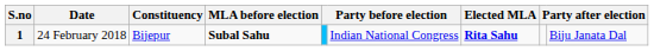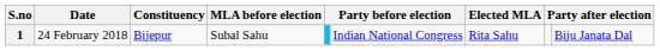 <table class="wikitable sortable">
 <tr>
 <th>S.no</th>
 <th>Date</th>
 <th>Constituency</th>
 <th>MLA before election</th>
 <th colspan="2">Party before election</th>
 <th>Elected MLA</th>
 <th colspan="2">Party after election</th>
 </tr>
 <tr>
 <th>1</th>
 <td>24 February 2018</td>
 <td><a href='#'>Bijepur</a></td>
-<td><strong>Subal Sahu</strong></td>
+<td>Subal Sahu</td>
 <td bgcolor=#00BFFF></td>
 <td><a href='#'>Indian National Congress</a></td>
-<td><strong><a href='#'>Rita Sahu</a></strong></td>
+<td><a href='#'>Rita Sahu</a></td>
 <td></td>
 <td><a href='#'>Biju Janata Dal</a></td>
 </tr>
 </table>
